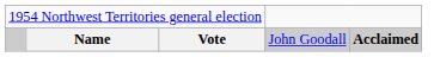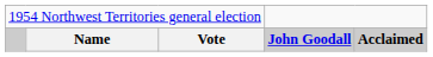 <table class="wikitable">
 <tr>
 <td colspan=3 align=center><a href='#'>1954 Northwest Territories general election</a></td>
 </tr>
 <tr bgcolor="CCCCCC">
 <td></td>
 <th><strong>Name </strong></th>
 <th><strong>Vote</strong><br></th>
-<td><a href='#'>John Goodall</a></td>
+<td><strong><a href='#'>John Goodall</a></strong></td>
 <td colspan="2" align=center><strong>Acclaimed</strong></td>
 </tr>
 </table>
